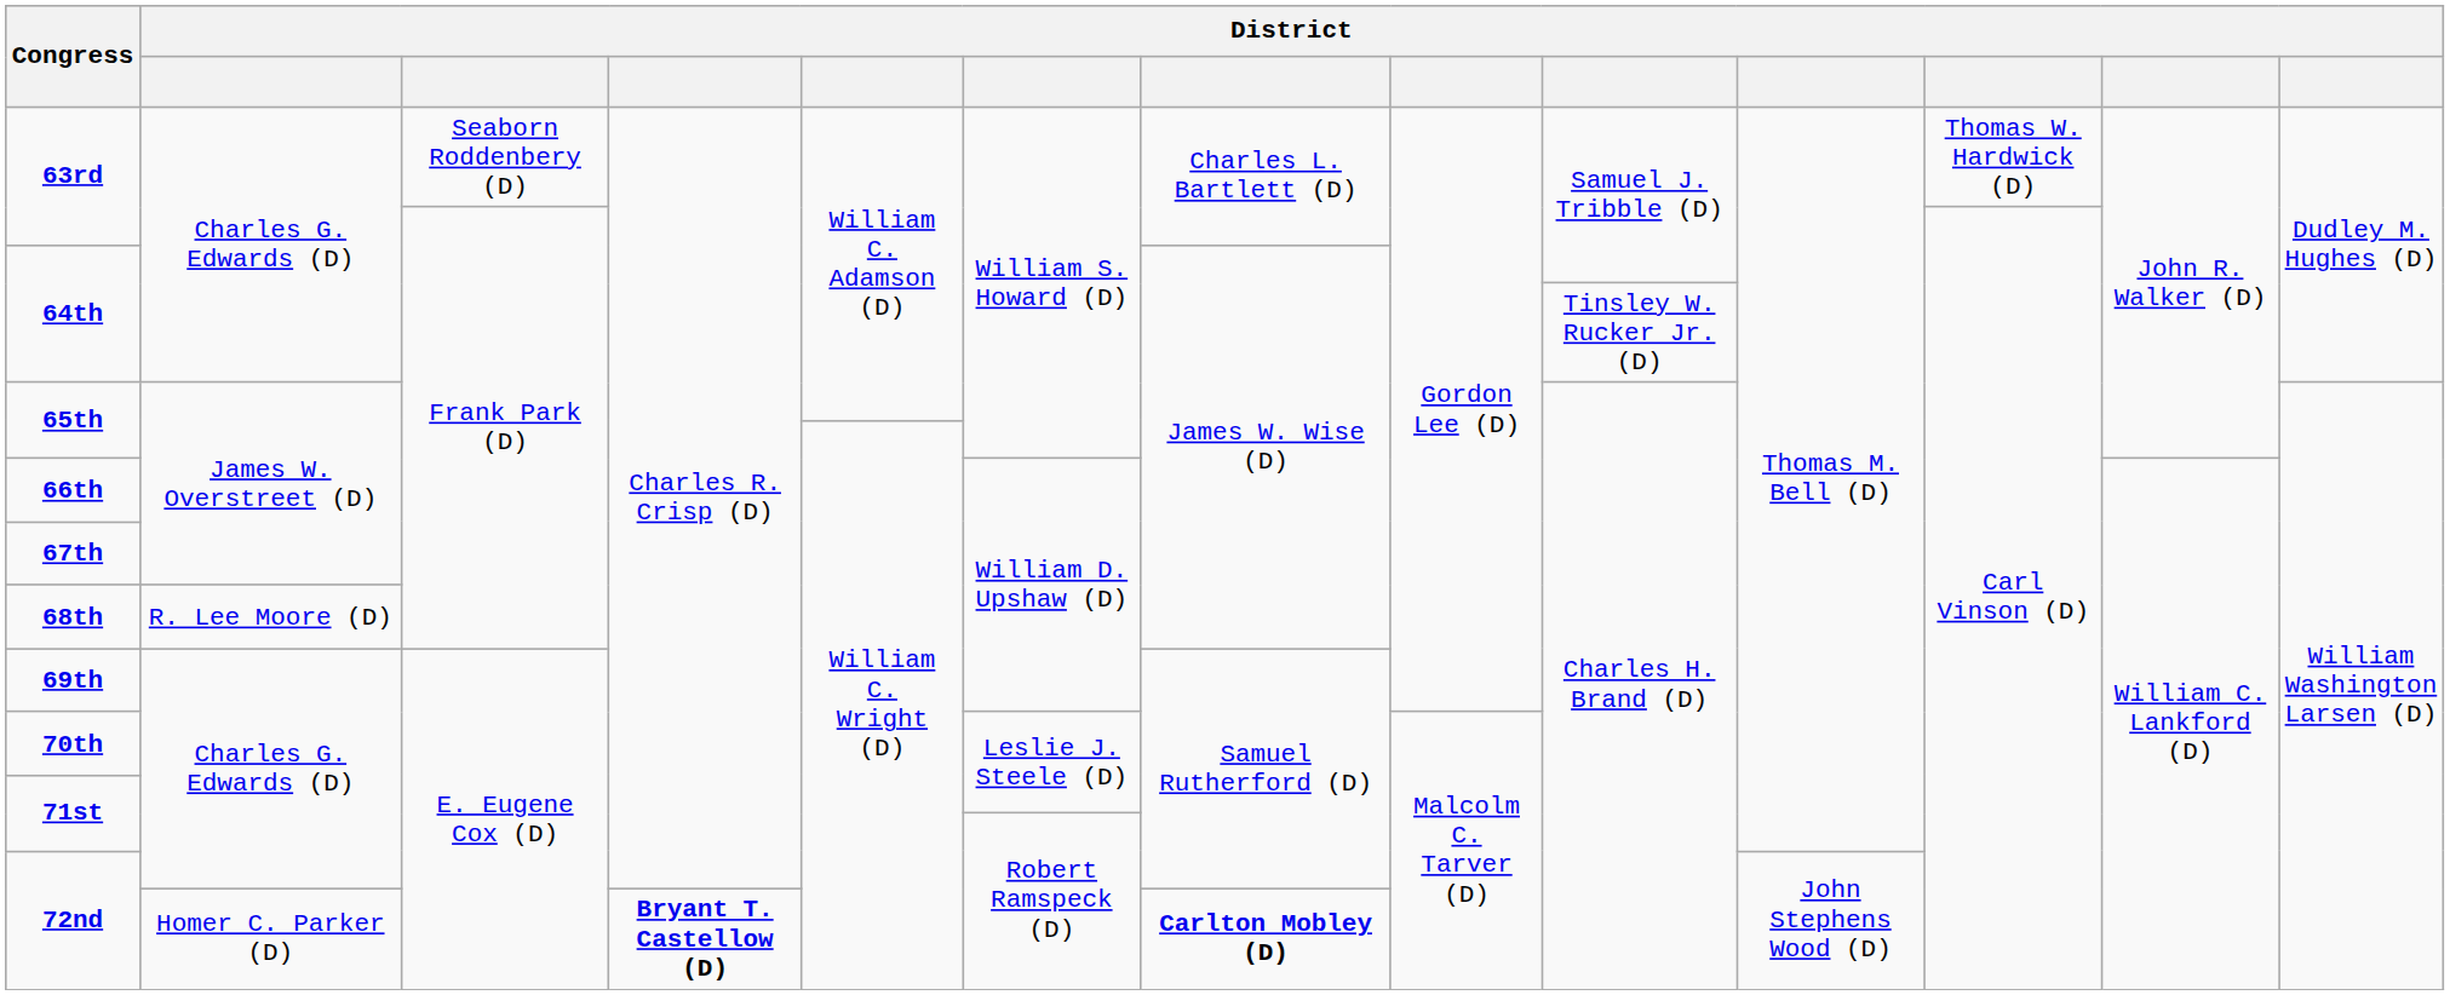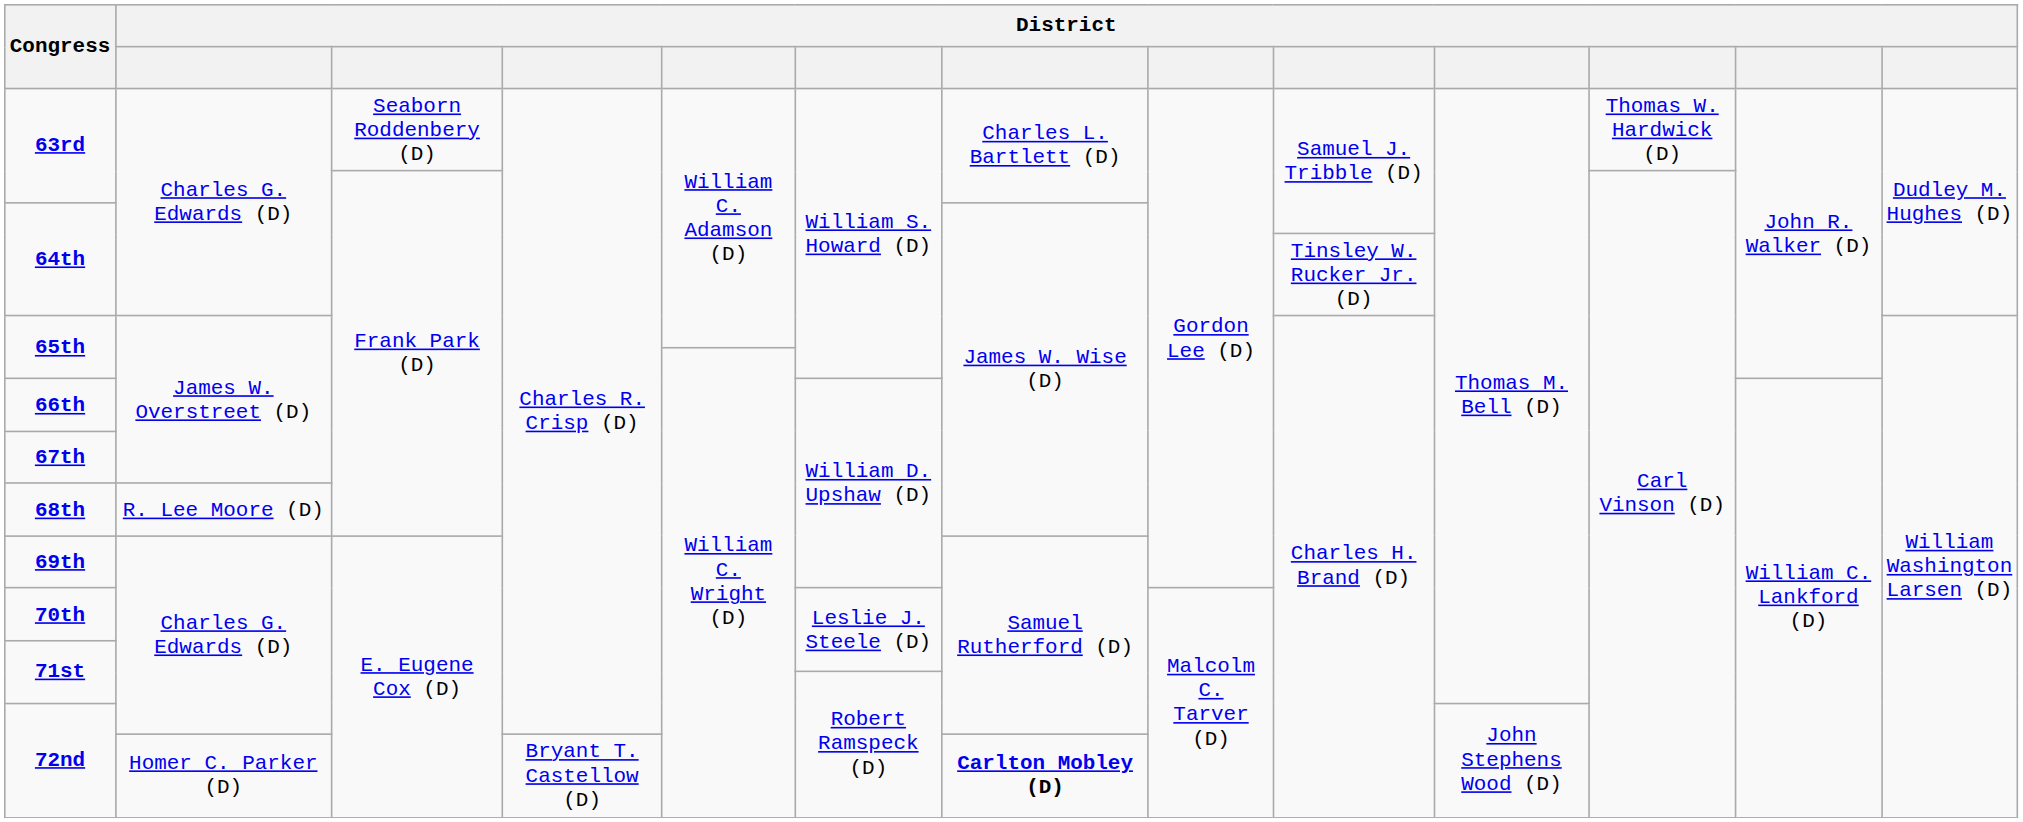 <table class=wikitable style="text-align:center">
 <tr style="height:2em">
 <th rowspan=2>Congress</th>
 <th colspan=12>District</th>
 </tr>
 <tr style="height:2em">
 <th></th>
 <th></th>
 <th></th>
 <th></th>
 <th></th>
 <th></th>
 <th></th>
 <th></th>
 <th></th>
 <th></th>
 <th></th>
 <th></th>
 </tr>
 <tr style="height:2em">
 <td rowspan="2"><strong><a href='#'>63rd</a></strong> <small></small></td>
 <td rowspan="4" ><a href='#'>Charles G.<br>Edwards</a> (D)</td>
 <td><a href='#'>Seaborn<br>Roddenbery</a> (D)</td>
 <td rowspan="14" ><a href='#'>Charles R.<br>Crisp</a> (D)</td>
 <td rowspan="5" ><a href='#'>William C.<br>Adamson</a> (D)</td>
 <td rowspan="6" ><a href='#'>William S.<br>Howard</a> (D)</td>
 <td rowspan="2" ><a href='#'>Charles L.<br>Bartlett</a> (D)</td>
 <td rowspan="10" ><a href='#'>Gordon<br>Lee</a> (D)</td>
 <td rowspan="3" ><a href='#'>Samuel J.<br>Tribble</a> (D)</td>
 <td rowspan="13" ><a href='#'>Thomas M.<br>Bell</a> (D)</td>
 <td><a href='#'>Thomas W.<br>Hardwick</a> (D)</td>
 <td rowspan="6" ><a href='#'>John R.<br>Walker</a> (D)</td>
 <td rowspan="4" ><a href='#'>Dudley M.<br>Hughes</a> (D)</td>
 </tr>
 <tr style="height:1.5em">
 <td rowspan="8" ><a href='#'>Frank Park</a> (D)</td>
 <td rowspan="14" ><a href='#'>Carl<br>Vinson</a> (D)</td>
 </tr>
 <tr style="height:1.5em">
 <td rowspan="2"><strong><a href='#'>64th</a></strong> <small></small></td>
 <td rowspan="7" ><a href='#'>James W. Wise</a> (D)</td>
 </tr>
 <tr style="height:2em">
 <td><a href='#'>Tinsley W.<br>Rucker Jr.</a> (D)</td>
 </tr>
 <tr style="height:1.5em">
 <td rowspan="2"><strong><a href='#'>65th</a></strong> <small></small></td>
 <td rowspan="4" ><a href='#'>James W.<br>Overstreet</a> (D)</td>
 <td rowspan="11" ><a href='#'>Charles H.<br>Brand</a> (D)</td>
 <td rowspan="11" ><a href='#'>William<br>Washington<br>Larsen</a> (D)</td>
 </tr>
 <tr style="height:1.5em">
 <td rowspan="10" ><a href='#'>William C.<br>Wright</a> (D)</td>
 </tr>
 <tr style="height:2.5em">
 <td><strong><a href='#'>66th</a></strong> <small></small></td>
 <td rowspan="4" ><a href='#'>William D.<br>Upshaw</a> (D)</td>
 <td rowspan="9" ><a href='#'>William C.<br>Lankford</a> (D)</td>
 </tr>
 <tr style="height:2.5em">
 <td><strong><a href='#'>67th</a></strong> <small></small></td>
 </tr>
 <tr style="height:2.5em">
 <td><strong><a href='#'>68th</a></strong> <small></small></td>
 <td><a href='#'>R. Lee Moore</a> (D)</td>
 </tr>
 <tr style="height:2.5em">
 <td><strong><a href='#'>69th</a></strong> <small></small></td>
 <td rowspan="5" ><a href='#'>Charles G.<br>Edwards</a> (D)</td>
 <td rowspan="6" ><a href='#'>E. Eugene<br>Cox</a> (D)</td>
 <td rowspan="5" ><a href='#'>Samuel<br>Rutherford</a> (D)</td>
 </tr>
 <tr style="height:2.5em">
 <td><strong><a href='#'>70th</a></strong> <small></small></td>
 <td rowspan="2" ><a href='#'>Leslie J.<br>Steele</a> (D)</td>
 <td rowspan="5" ><a href='#'>Malcolm C.<br>Tarver</a> (D)</td>
 </tr>
 <tr style="height:1.5em">
 <td rowspan="2"><strong><a href='#'>71st</a></strong> <small></small></td>
 </tr>
 <tr style="height:1.5em">
 <td rowspan="3" ><a href='#'>Robert<br>Ramspeck</a> (D)</td>
 </tr>
 <tr style="height:1.5em">
 <td rowspan="2"><strong><a href='#'>72nd</a></strong> <small></small></td>
 <td rowspan="2" ><a href='#'>John Stephens<br>Wood</a> (D)</td>
 </tr>
 <tr style="height:2.5em">
 <td><a href='#'>Homer C. Parker</a> (D)</td>
-<td><strong><a href='#'>Bryant T.<br>Castellow</a> (D)</strong></td>
+<td><a href='#'>Bryant T.<br>Castellow</a> (D)</td>
 <td><strong><a href='#'>Carlton Mobley</a> (D)</strong></td>
 </tr>
 </table>
